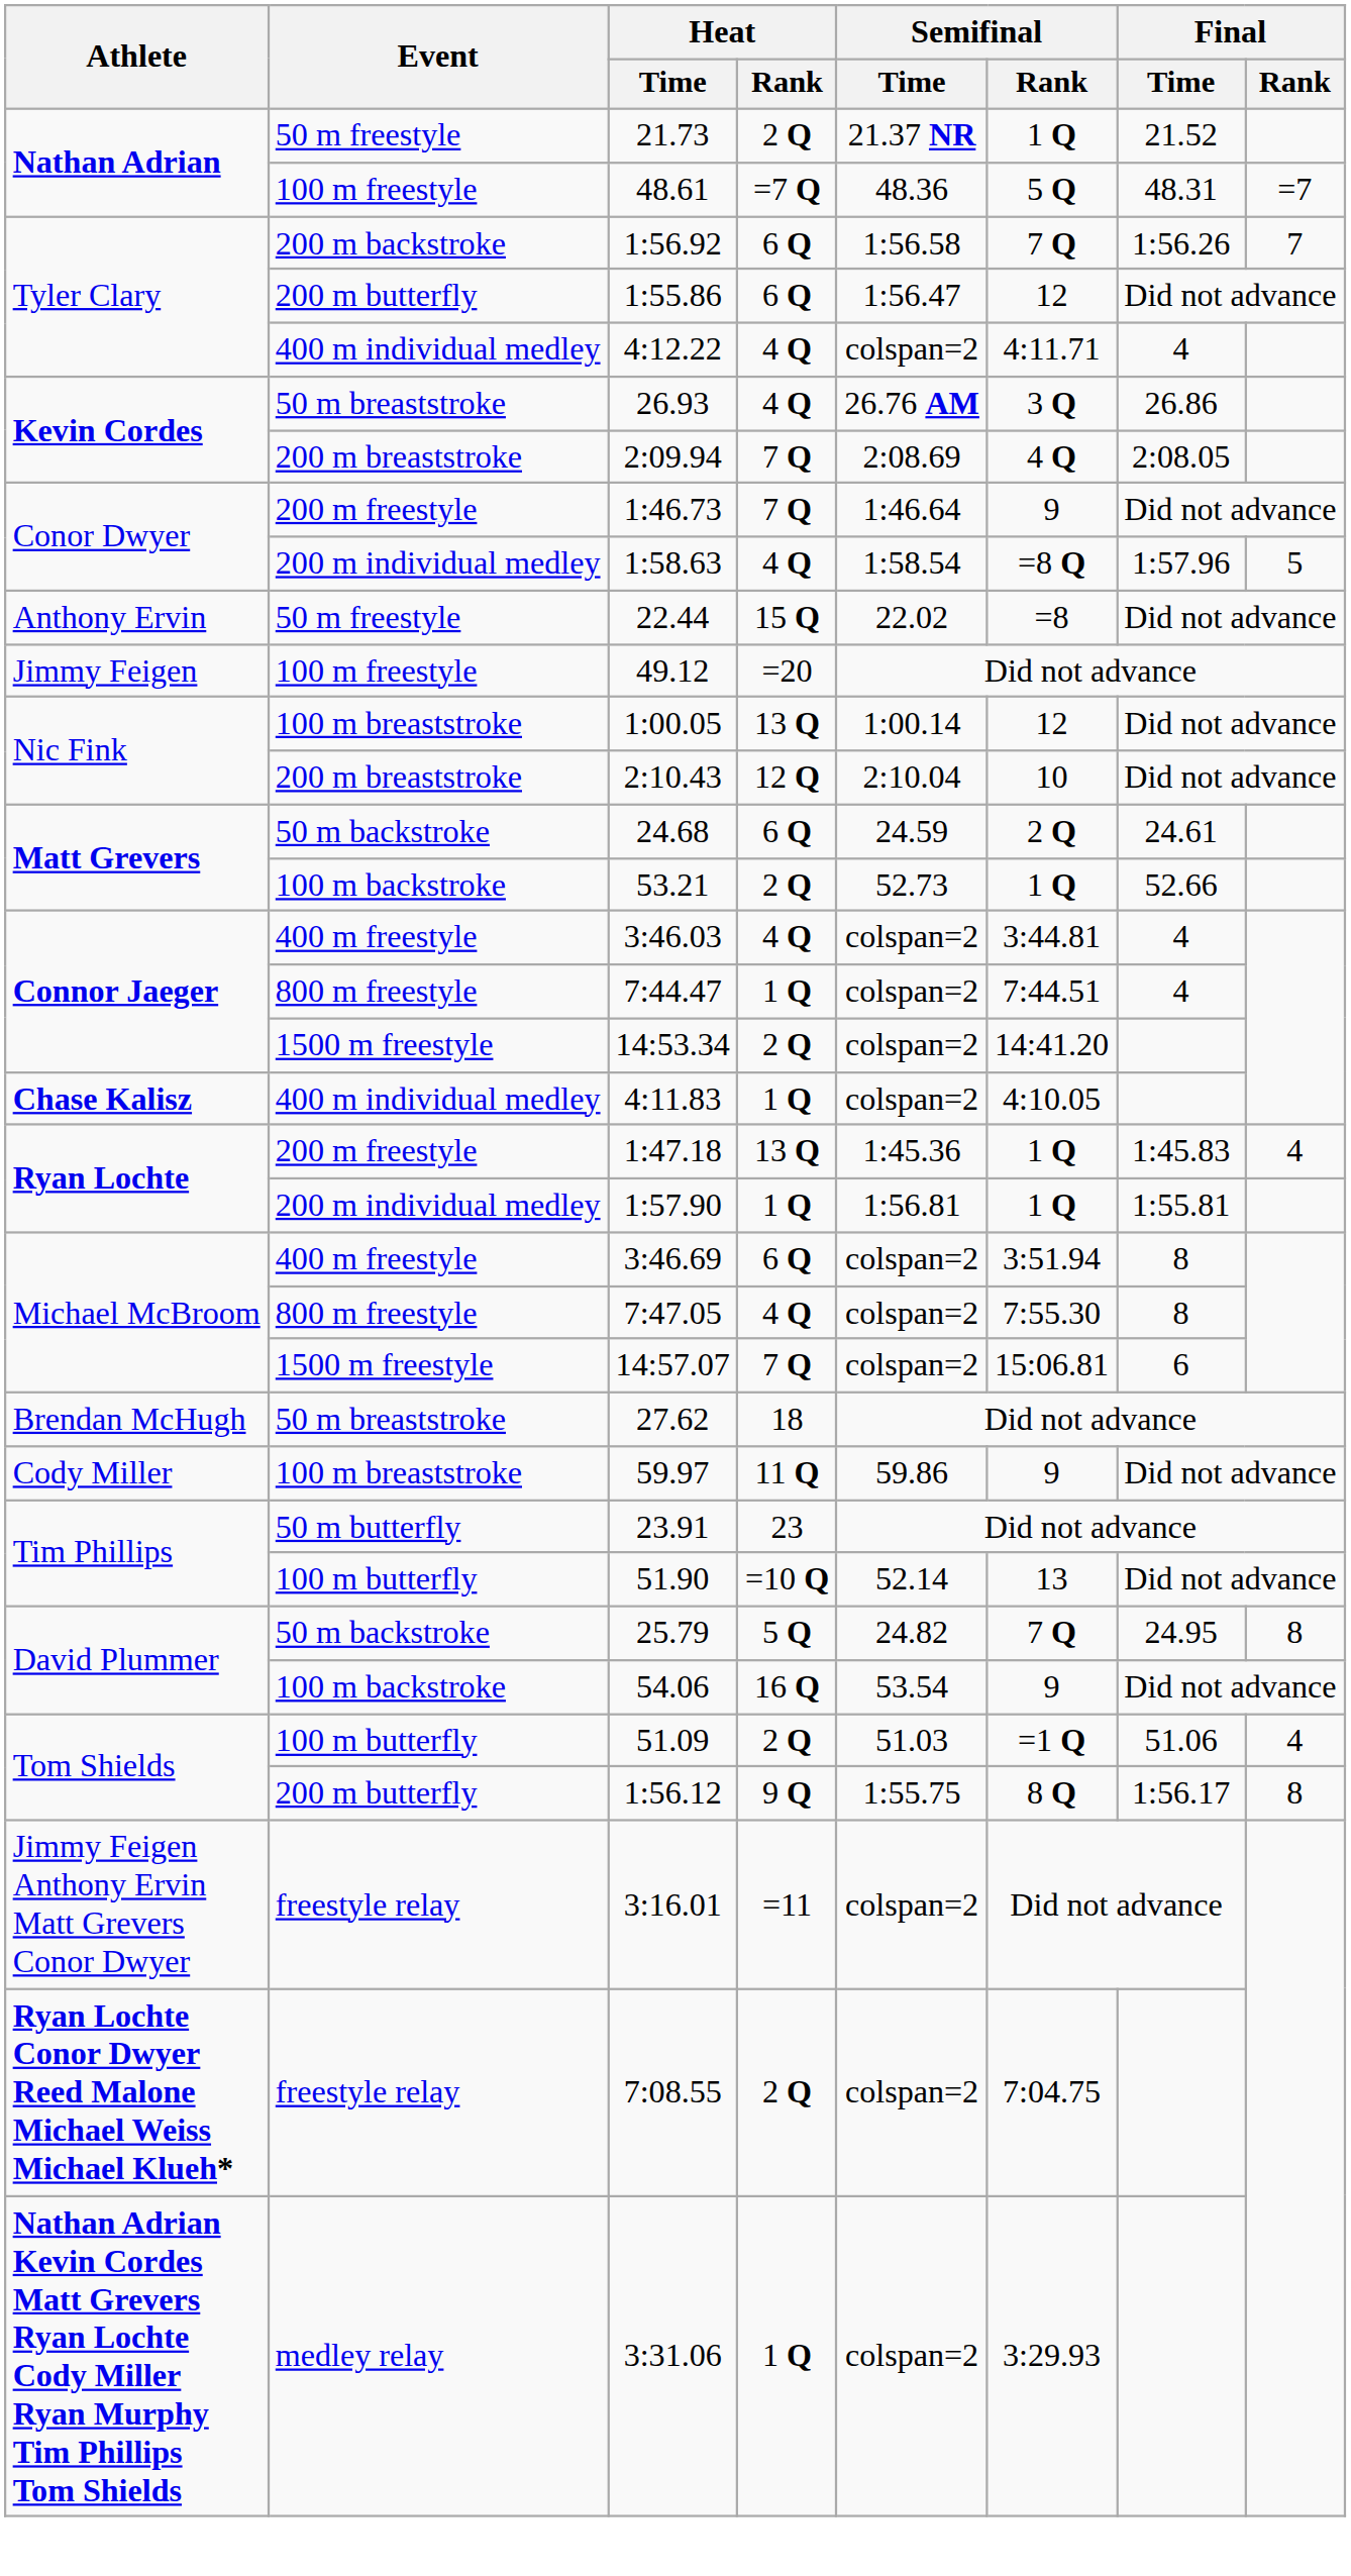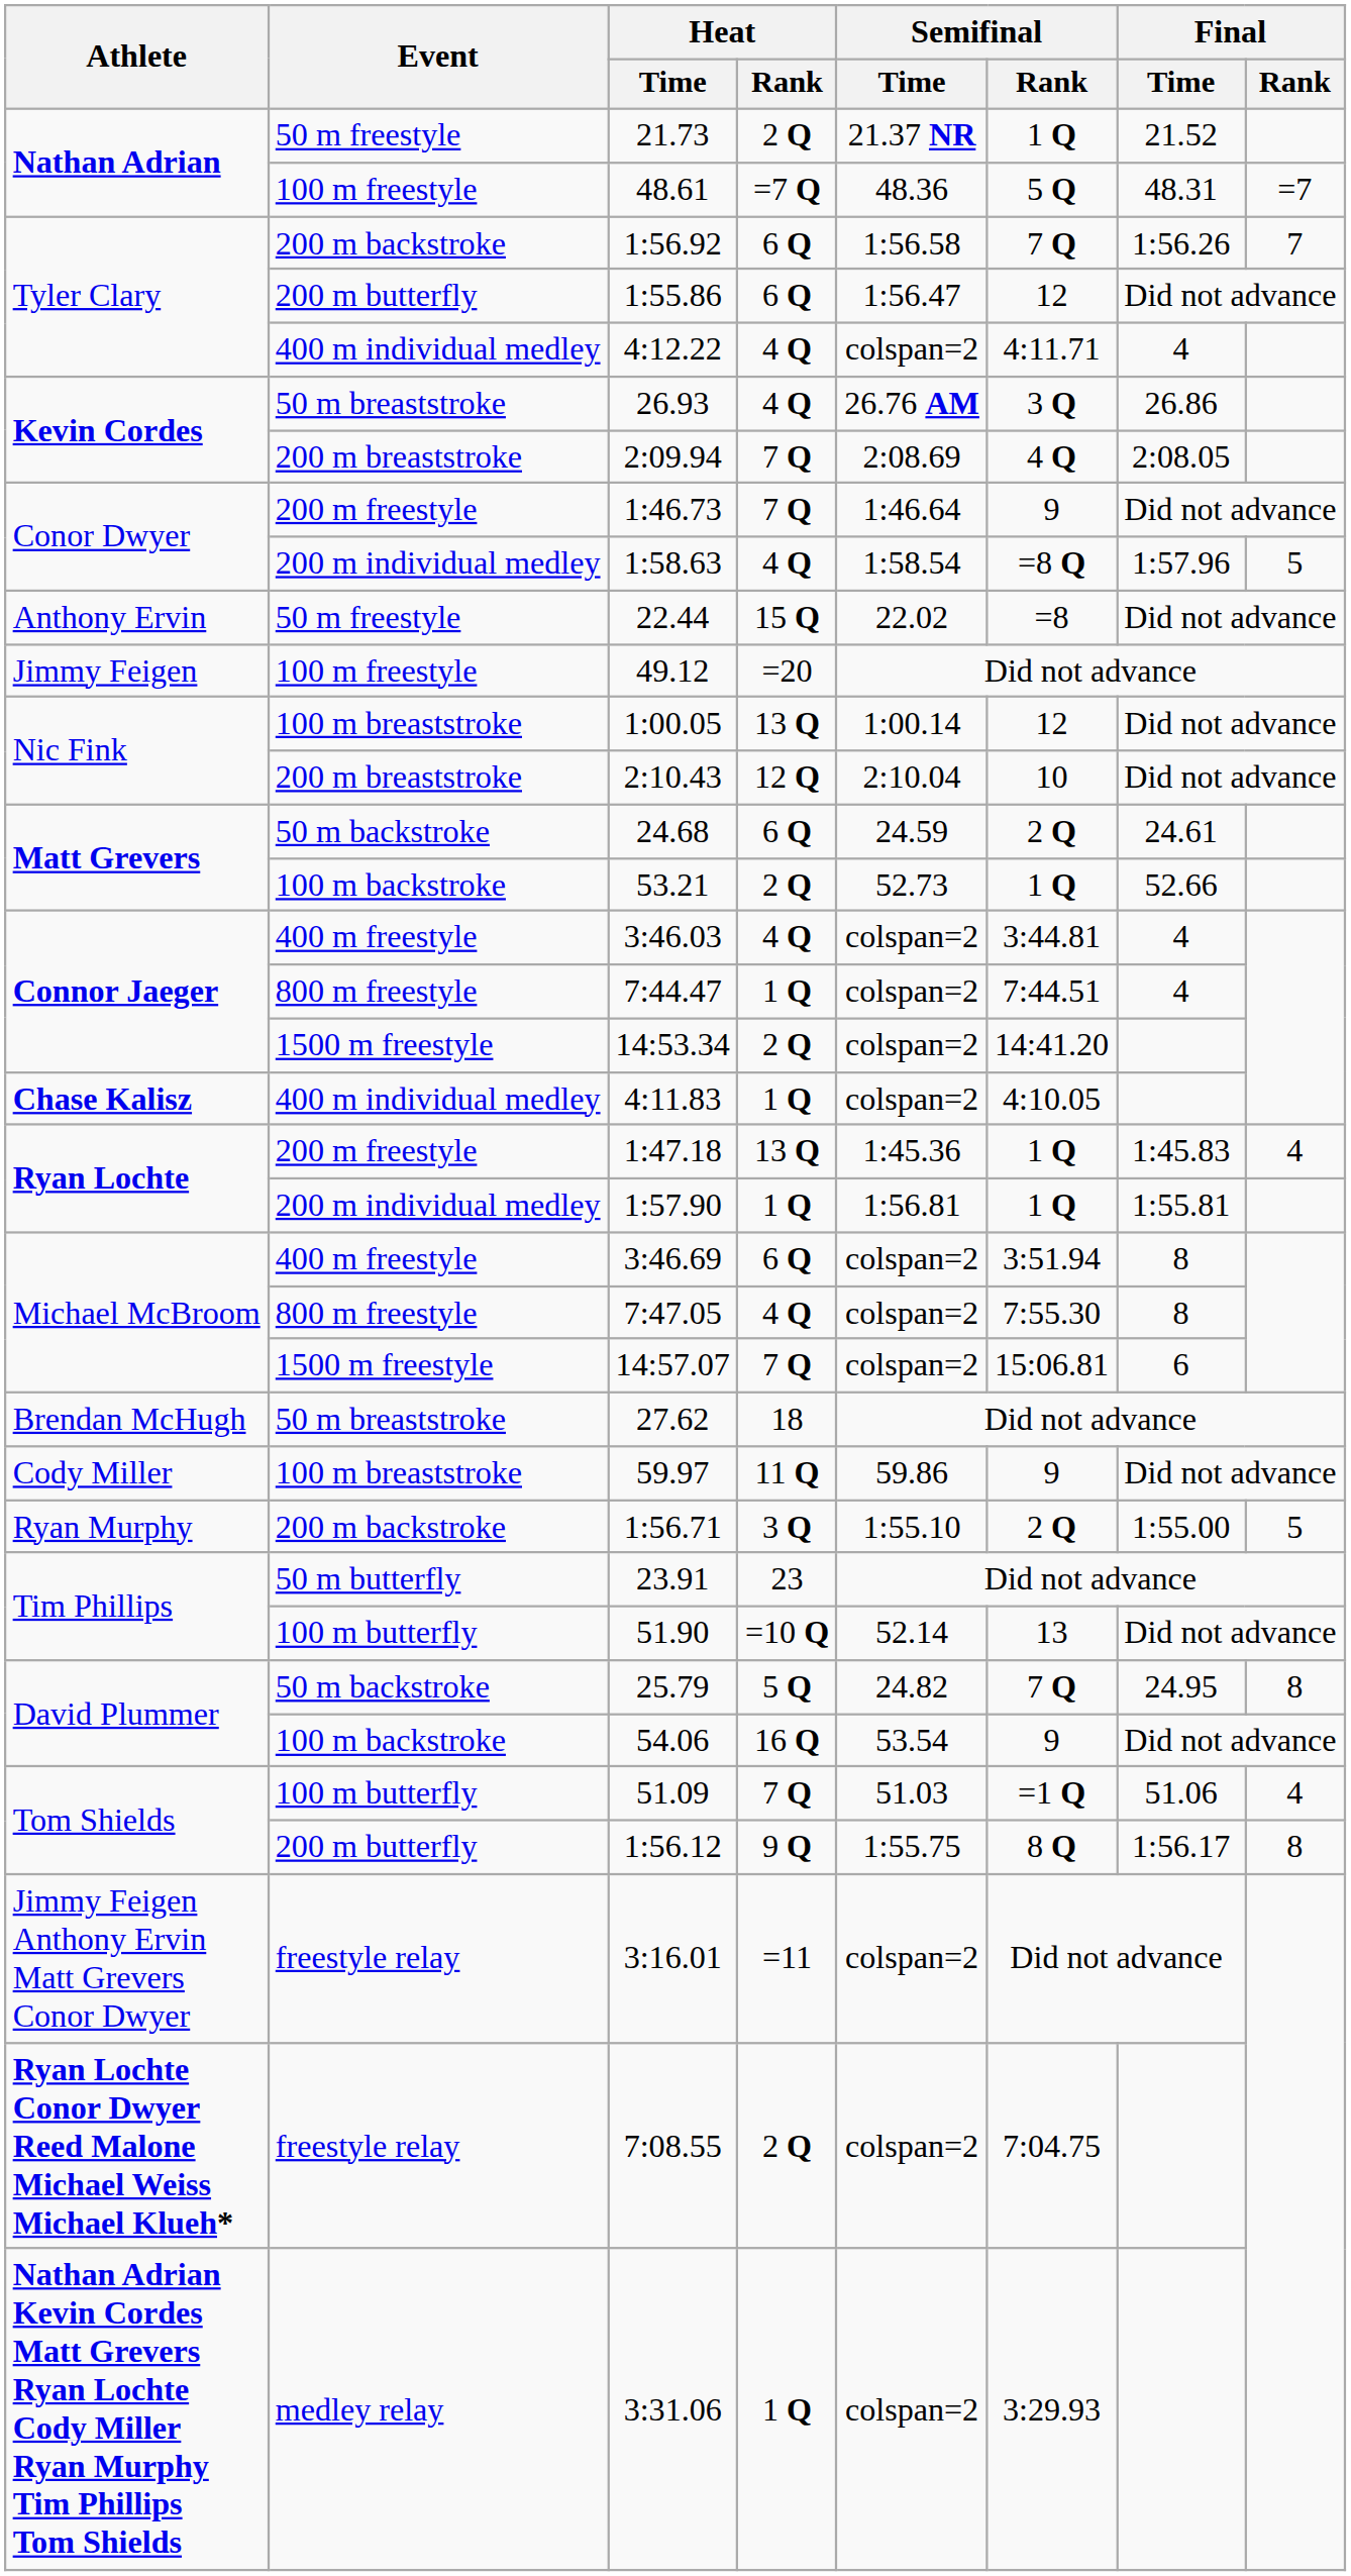 <table class=wikitable style="font-size:90%">
 <tr>
 <th rowspan="2">Athlete</th>
 <th rowspan="2">Event</th>
 <th colspan="2">Heat</th>
 <th colspan="2">Semifinal</th>
 <th colspan="2">Final</th>
 </tr>
 <tr style="font-size:95%">
 <th>Time</th>
 <th>Rank</th>
 <th>Time</th>
 <th>Rank</th>
 <th>Time</th>
 <th>Rank</th>
 </tr>
 <tr align=center>
 <td align=left rowspan=2><strong><a href='#'>Nathan Adrian</a></strong></td>
 <td align=left><a href='#'>50 m freestyle</a></td>
 <td>21.73</td>
 <td>2 <strong>Q</strong></td>
 <td>21.37 <strong><a href='#'>NR</a></strong></td>
 <td>1 <strong>Q</strong></td>
 <td>21.52</td>
 <td></td>
 </tr>
 <tr align=center>
 <td align=left><a href='#'>100 m freestyle</a></td>
 <td>48.61</td>
 <td>=7 <strong>Q</strong></td>
 <td>48.36</td>
 <td>5 <strong>Q</strong></td>
 <td>48.31</td>
 <td>=7</td>
 </tr>
 <tr align=center>
 <td align=left rowspan=3><a href='#'>Tyler Clary</a></td>
 <td align=left><a href='#'>200 m backstroke</a></td>
 <td>1:56.92</td>
 <td>6 <strong>Q</strong></td>
 <td>1:56.58</td>
 <td>7 <strong>Q</strong></td>
 <td>1:56.26</td>
 <td>7</td>
 </tr>
 <tr align=center>
 <td align=left><a href='#'>200 m butterfly</a></td>
 <td>1:55.86</td>
 <td>6 <strong>Q</strong></td>
 <td>1:56.47</td>
 <td>12</td>
 <td colspan=2>Did not advance</td>
 </tr>
 <tr align=center>
 <td align=left><a href='#'>400 m individual medley</a></td>
 <td>4:12.22</td>
 <td>4 <strong>Q</strong></td>
 <td>colspan=2 </td>
 <td>4:11.71</td>
 <td>4</td>
 </tr>
 <tr align=center>
 <td align=left rowspan=2><strong><a href='#'>Kevin Cordes</a></strong></td>
 <td align=left><a href='#'>50 m breaststroke</a></td>
 <td>26.93</td>
 <td>4 <strong>Q</strong></td>
 <td>26.76 <strong><a href='#'>AM</a></strong></td>
 <td>3 <strong>Q</strong></td>
 <td>26.86</td>
 <td></td>
 </tr>
 <tr align=center>
 <td align=left><a href='#'>200 m breaststroke</a></td>
 <td>2:09.94</td>
 <td>7 <strong>Q</strong></td>
 <td>2:08.69</td>
 <td>4 <strong>Q</strong></td>
 <td>2:08.05</td>
 <td></td>
 </tr>
 <tr align=center>
 <td align=left rowspan=2><a href='#'>Conor Dwyer</a></td>
 <td align=left><a href='#'>200 m freestyle</a></td>
 <td>1:46.73</td>
 <td>7 <strong>Q</strong></td>
 <td>1:46.64</td>
 <td>9</td>
 <td colspan=2>Did not advance</td>
 </tr>
 <tr align=center>
 <td align=left><a href='#'>200 m individual medley</a></td>
 <td>1:58.63</td>
 <td>4 <strong>Q</strong></td>
 <td>1:58.54</td>
 <td>=8 <strong>Q</strong></td>
 <td>1:57.96</td>
 <td>5</td>
 </tr>
 <tr align=center>
 <td align=left><a href='#'>Anthony Ervin</a></td>
 <td align=left><a href='#'>50 m freestyle</a></td>
 <td>22.44</td>
 <td>15 <strong>Q</strong></td>
 <td>22.02</td>
 <td>=8</td>
 <td colspan=2>Did not advance</td>
 </tr>
 <tr align=center>
 <td align=left><a href='#'>Jimmy Feigen</a></td>
 <td align=left><a href='#'>100 m freestyle</a></td>
 <td>49.12</td>
 <td>=20</td>
 <td colspan=4>Did not advance</td>
 </tr>
 <tr align=center>
 <td align=left rowspan=2><a href='#'>Nic Fink</a></td>
 <td align=left><a href='#'>100 m breaststroke</a></td>
 <td>1:00.05</td>
 <td>13 <strong>Q</strong></td>
 <td>1:00.14</td>
 <td>12</td>
 <td colspan=2>Did not advance</td>
 </tr>
 <tr align=center>
 <td align=left><a href='#'>200 m breaststroke</a></td>
 <td>2:10.43</td>
 <td>12 <strong>Q</strong></td>
 <td>2:10.04</td>
 <td>10</td>
 <td colspan=2>Did not advance</td>
 </tr>
 <tr align=center>
 <td align=left rowspan=2><strong><a href='#'>Matt Grevers</a></strong></td>
 <td align=left><a href='#'>50 m backstroke</a></td>
 <td>24.68</td>
 <td>6 <strong>Q</strong></td>
 <td>24.59</td>
 <td>2 <strong>Q</strong></td>
 <td>24.61</td>
 <td></td>
 </tr>
 <tr align=center>
 <td align=left><a href='#'>100 m backstroke</a></td>
 <td>53.21</td>
 <td>2 <strong>Q</strong></td>
 <td>52.73</td>
 <td>1 <strong>Q</strong></td>
 <td>52.66</td>
 <td></td>
 </tr>
 <tr align=center>
 <td align=left rowspan=3><strong><a href='#'>Connor Jaeger</a></strong></td>
 <td align=left><a href='#'>400 m freestyle</a></td>
 <td>3:46.03</td>
 <td>4 <strong>Q</strong></td>
 <td>colspan=2 </td>
 <td>3:44.81</td>
 <td>4</td>
 </tr>
 <tr align=center>
 <td align=left><a href='#'>800 m freestyle</a></td>
 <td>7:44.47</td>
 <td>1 <strong>Q</strong></td>
 <td>colspan=2 </td>
 <td>7:44.51</td>
 <td>4</td>
 </tr>
 <tr align=center>
 <td align=left><a href='#'>1500 m freestyle</a></td>
 <td>14:53.34</td>
 <td>2 <strong>Q</strong></td>
 <td>colspan=2 </td>
 <td>14:41.20</td>
 <td></td>
 </tr>
 <tr align=center>
 <td align=left><strong><a href='#'>Chase Kalisz</a></strong></td>
 <td align=left><a href='#'>400 m individual medley</a></td>
 <td>4:11.83</td>
 <td>1 <strong>Q</strong></td>
 <td>colspan=2 </td>
 <td>4:10.05</td>
 <td></td>
 </tr>
 <tr align=center>
 <td align=left rowspan=2><strong><a href='#'>Ryan Lochte</a></strong></td>
 <td align=left><a href='#'>200 m freestyle</a></td>
 <td>1:47.18</td>
 <td>13 <strong>Q</strong></td>
 <td>1:45.36</td>
 <td>1 <strong>Q</strong></td>
 <td>1:45.83</td>
 <td>4</td>
 </tr>
 <tr align=center>
 <td align=left><a href='#'>200 m individual medley</a></td>
 <td>1:57.90</td>
 <td>1 <strong>Q</strong></td>
 <td>1:56.81</td>
 <td>1 <strong>Q</strong></td>
 <td>1:55.81</td>
 <td></td>
 </tr>
 <tr align=center>
 <td align=left rowspan=3><a href='#'>Michael McBroom</a></td>
 <td align=left><a href='#'>400 m freestyle</a></td>
 <td>3:46.69</td>
 <td>6 <strong>Q</strong></td>
 <td>colspan=2 </td>
 <td>3:51.94</td>
 <td>8</td>
 </tr>
 <tr align=center>
 <td align=left><a href='#'>800 m freestyle</a></td>
 <td>7:47.05</td>
 <td>4 <strong>Q</strong></td>
 <td>colspan=2 </td>
 <td>7:55.30</td>
 <td>8</td>
 </tr>
 <tr align=center>
 <td align=left><a href='#'>1500 m freestyle</a></td>
 <td>14:57.07</td>
 <td>7 <strong>Q</strong></td>
 <td>colspan=2 </td>
 <td>15:06.81</td>
 <td>6</td>
 </tr>
 <tr align=center>
 <td align=left><a href='#'>Brendan McHugh</a></td>
 <td align=left><a href='#'>50 m breaststroke</a></td>
 <td>27.62</td>
 <td>18</td>
 <td colspan=4>Did not advance</td>
 </tr>
 <tr align=center>
 <td align=left><a href='#'>Cody Miller</a></td>
 <td align=left><a href='#'>100 m breaststroke</a></td>
 <td>59.97</td>
 <td>11 <strong>Q</strong></td>
 <td>59.86</td>
 <td>9</td>
 <td colspan=2>Did not advance</td>
 </tr>
 <tr align=center>
+<td align=left><a href='#'>Ryan Murphy</a></td>
+<td align=left><a href='#'>200 m backstroke</a></td>
+<td>1:56.71</td>
+<td>3 <strong>Q</strong></td>
+<td>1:55.10</td>
+<td>2 <strong>Q</strong></td>
+<td>1:55.00</td>
+<td>5</td>
+</tr>
+<tr align=center>
 <td align=left rowspan=2><a href='#'>Tim Phillips</a></td>
 <td align=left><a href='#'>50 m butterfly</a></td>
 <td>23.91</td>
 <td>23</td>
 <td colspan=4>Did not advance</td>
 </tr>
 <tr align=center>
 <td align=left><a href='#'>100 m butterfly</a></td>
 <td>51.90</td>
 <td>=10 <strong>Q</strong></td>
 <td>52.14</td>
 <td>13</td>
 <td colspan=2>Did not advance</td>
 </tr>
 <tr align=center>
 <td align=left rowspan=2><a href='#'>David Plummer</a></td>
 <td align=left><a href='#'>50 m backstroke</a></td>
 <td>25.79</td>
 <td>5 <strong>Q</strong></td>
 <td>24.82</td>
 <td>7 <strong>Q</strong></td>
 <td>24.95</td>
 <td>8</td>
 </tr>
 <tr align=center>
 <td align=left><a href='#'>100 m backstroke</a></td>
 <td>54.06</td>
 <td>16 <strong>Q</strong></td>
 <td>53.54</td>
 <td>9</td>
 <td colspan=2>Did not advance</td>
 </tr>
 <tr align=center>
 <td align=left rowspan=2><a href='#'>Tom Shields</a></td>
 <td align=left><a href='#'>100 m butterfly</a></td>
 <td>51.09</td>
-<td>2 <strong>Q</strong></td>
+<td>7 <strong>Q</strong></td>
 <td>51.03</td>
 <td>=1 <strong>Q</strong></td>
 <td>51.06</td>
 <td>4</td>
 </tr>
 <tr align=center>
 <td align=left><a href='#'>200 m butterfly</a></td>
 <td>1:56.12</td>
 <td>9 <strong>Q</strong></td>
 <td>1:55.75</td>
 <td>8 <strong>Q</strong></td>
 <td>1:56.17</td>
 <td>8</td>
 </tr>
 <tr align=center>
 <td align=left><a href='#'>Jimmy Feigen</a><br><a href='#'>Anthony Ervin</a><br><a href='#'>Matt Grevers</a><br><a href='#'>Conor Dwyer</a></td>
 <td align=left><a href='#'> freestyle relay</a></td>
 <td>3:16.01</td>
 <td>=11</td>
 <td>colspan=2 </td>
 <td colspan=2>Did not advance</td>
 </tr>
 <tr align=center>
 <td align=left><strong><a href='#'>Ryan Lochte</a><br><a href='#'>Conor Dwyer</a><br><a href='#'>Reed Malone</a><br><a href='#'>Michael Weiss</a><br><a href='#'>Michael Klueh</a>*</strong></td>
 <td align=left><a href='#'> freestyle relay</a></td>
 <td>7:08.55</td>
 <td>2 <strong>Q</strong></td>
 <td>colspan=2 </td>
 <td>7:04.75</td>
 <td></td>
 </tr>
 <tr align=center>
 <td align=left><strong><a href='#'>Nathan Adrian</a><br><a href='#'>Kevin Cordes</a><br><a href='#'>Matt Grevers</a><br><a href='#'>Ryan Lochte</a><br><a href='#'>Cody Miller</a><br><a href='#'>Ryan Murphy</a><br><a href='#'>Tim Phillips</a><br><a href='#'>Tom Shields</a></strong></td>
 <td align=left><a href='#'> medley relay</a></td>
 <td>3:31.06</td>
 <td>1 <strong>Q</strong></td>
 <td>colspan=2 </td>
 <td>3:29.93</td>
 <td></td>
 </tr>
 </table>
